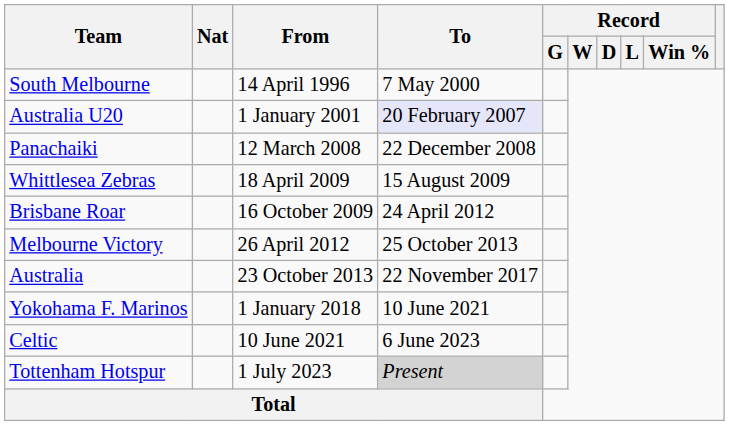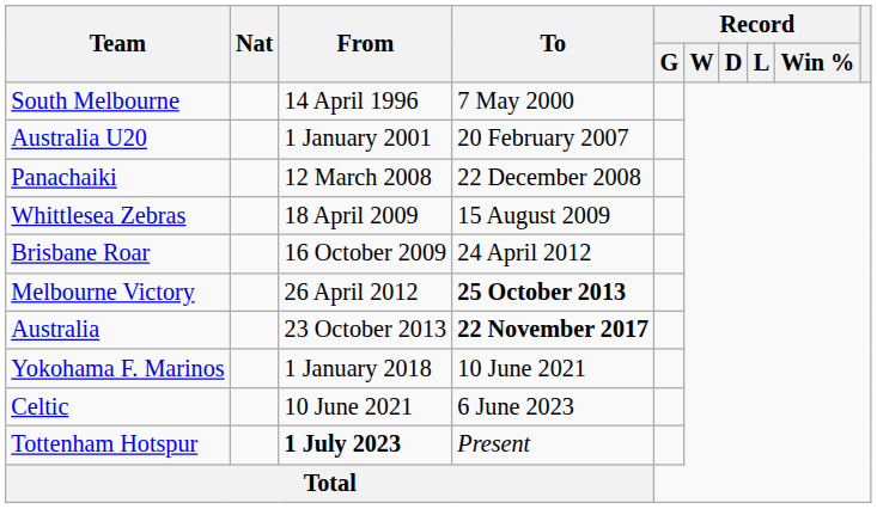 <table class="wikitable" style="text-align: center">
 <tr>
 <th rowspan="2">Team</th>
 <th rowspan="2">Nat</th>
 <th rowspan="2">From</th>
 <th rowspan="2">To</th>
 <th colspan="5">Record</th>
 <th rowspan=2></th>
 </tr>
 <tr>
 <th>G</th>
 <th>W</th>
 <th>D</th>
 <th>L</th>
 <th>Win %</th>
 </tr>
 <tr>
 <td align=left><a href='#'>South Melbourne</a></td>
 <td></td>
 <td align=left>14 April 1996</td>
 <td align=left>7 May 2000<br></td>
 <td></td>
 </tr>
 <tr>
 <td align=left><a href='#'>Australia U20</a></td>
 <td></td>
 <td align=left>1 January 2001</td>
-<td align=left style="background: lavender;">20 February 2007<br></td>
+<td align=left>20 February 2007<br></td>
 <td></td>
 </tr>
 <tr>
 <td align=left><a href='#'>Panachaiki</a></td>
 <td></td>
 <td align=left>12 March 2008</td>
 <td align=left>22 December 2008<br></td>
 <td></td>
 </tr>
 <tr>
 <td align=left><a href='#'>Whittlesea Zebras</a></td>
 <td></td>
 <td align=left>18 April 2009</td>
 <td align=left>15 August 2009<br></td>
 <td></td>
 </tr>
 <tr>
 <td align=left><a href='#'>Brisbane Roar</a></td>
 <td></td>
 <td align=left>16 October 2009</td>
 <td align=left>24 April 2012<br></td>
 <td></td>
 </tr>
 <tr>
 <td align=left><a href='#'>Melbourne Victory</a></td>
 <td></td>
 <td align=left>26 April 2012</td>
-<td align=left>25 October 2013<br></td>
+<td align=left><strong>25 October 2013<br></strong></td>
 <td></td>
 </tr>
 <tr>
 <td align=left><a href='#'>Australia</a></td>
 <td></td>
 <td align=left>23 October 2013</td>
-<td align=left>22 November 2017<br></td>
+<td align=left><strong>22 November 2017<br></strong></td>
 <td></td>
 </tr>
 <tr>
 <td align=left><a href='#'>Yokohama F. Marinos</a></td>
 <td></td>
 <td align=left>1 January 2018</td>
 <td align=left>10 June 2021<br></td>
 <td></td>
 </tr>
 <tr>
 <td align=left><a href='#'>Celtic</a></td>
 <td></td>
 <td align=left>10 June 2021</td>
 <td align=left>6 June 2023<br></td>
 <td></td>
 </tr>
 <tr>
 <td align=left><a href='#'>Tottenham Hotspur</a></td>
 <td></td>
-<td align=left>1 July 2023</td>
-<td align=left style="background: lightgrey;"><em>Present</em><br></td>
+<td align=left><strong>1 July 2023</strong></td>
+<td align=left><em>Present</em><br></td>
 <td></td>
 </tr>
 <tr>
 <th colspan=4>Total<br></th>
 </tr>
 </table>
